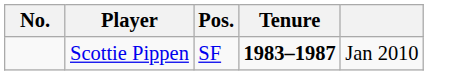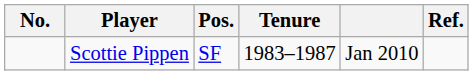 <table class= wikitable>
 <tr>
 <th width=40px>No.</th>
 <th width=px>Player</th>
 <th width=px>Pos.</th>
 <th width=px>Tenure</th>
 <th width=px></th>
+<th width=px>Ref.</th>
 </tr>
 <tr>
 <td></td>
 <td><a href='#'>Scottie Pippen</a> </td>
 <td><a href='#'>SF</a></td>
-<td><strong>1983–1987</strong></td>
+<td>1983–1987</td>
 <td>Jan 2010</td>
+<td></td>
 </tr>
 </table>
